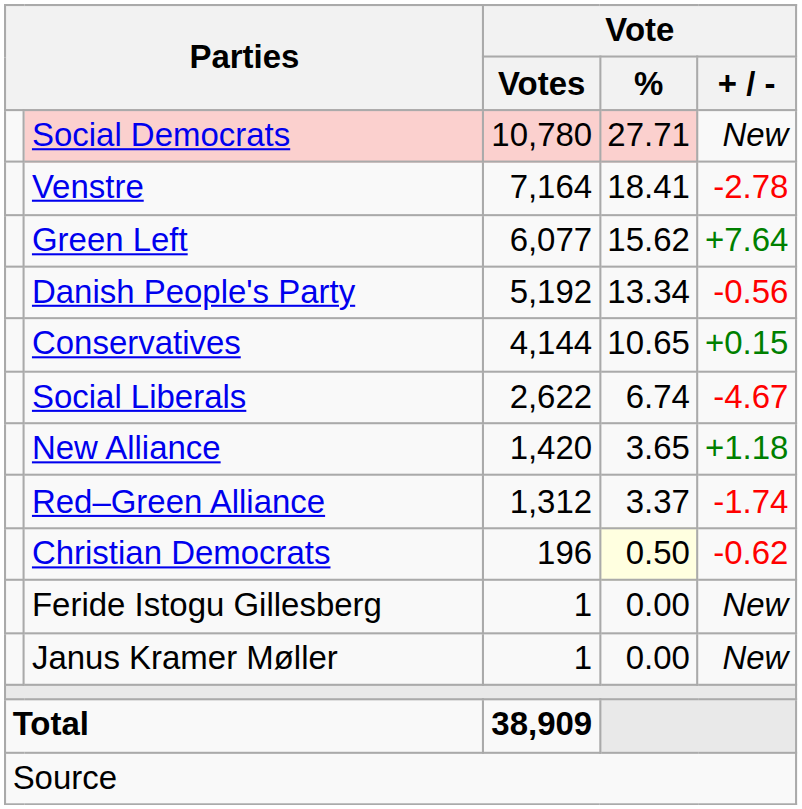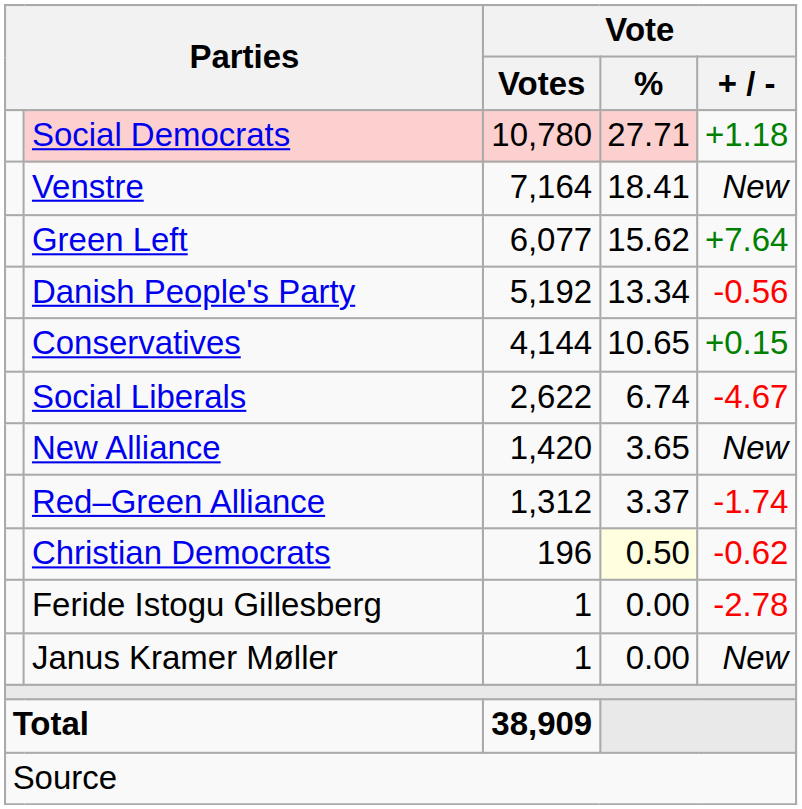 <table class="wikitable" style="text-align:right;">
 <tr>
 <th style="text-align:centre;" rowspan="2" colspan="2" width="225">Parties</th>
 <th colspan="3">Vote</th>
 </tr>
 <tr>
 <th width="15">Votes</th>
 <th width="15">%</th>
 <th width="15">+ / -</th>
 </tr>
 <tr>
 <td width="2" style="color:inherit;background:"></td>
 <td bgcolor=#fbd0ce  align="left"><a href='#'>Social Democrats</a></td>
 <td bgcolor=#fbd0ce>10,780</td>
 <td bgcolor=#fbd0ce>27.71</td>
-<td><em>New</em></td>
+<td style=color:green;>+1.18</td>
 </tr>
 <tr>
 <td width="2" style="color:inherit;background:"></td>
 <td align="left"><a href='#'>Venstre</a></td>
 <td>7,164</td>
 <td>18.41</td>
-<td style=color:red;>-2.78</td>
+<td><em>New</em></td>
 </tr>
 <tr>
 <td width="2" style="color:inherit;background:"></td>
 <td align="left"><a href='#'>Green Left</a></td>
 <td>6,077</td>
 <td>15.62</td>
 <td style=color:green;>+7.64</td>
 </tr>
 <tr>
 <td width="2" style="color:inherit;background:"></td>
 <td align="left"><a href='#'>Danish People's Party</a></td>
 <td>5,192</td>
 <td>13.34</td>
 <td style=color:red;>-0.56</td>
 </tr>
 <tr>
 <td width="2" style="color:inherit;background:"></td>
 <td align="left"><a href='#'>Conservatives</a></td>
 <td>4,144</td>
 <td>10.65</td>
 <td style=color:green;>+0.15</td>
 </tr>
 <tr>
 <td width="2" style="color:inherit;background:"></td>
 <td align="left"><a href='#'>Social Liberals</a></td>
 <td>2,622</td>
 <td>6.74</td>
 <td style=color:red;>-4.67</td>
 </tr>
 <tr>
 <td width="2" style="color:inherit;background:"></td>
 <td align="left"><a href='#'>New Alliance</a></td>
 <td>1,420</td>
 <td>3.65</td>
-<td style=color:green;>+1.18</td>
+<td><em>New</em></td>
 </tr>
 <tr>
 <td width="2" style="color:inherit;background:"></td>
 <td align="left"><a href='#'>Red–Green Alliance</a></td>
 <td>1,312</td>
 <td>3.37</td>
 <td style=color:red;>-1.74</td>
 </tr>
 <tr>
 <td width="2" style="color:inherit;background:"></td>
 <td align="left"><a href='#'>Christian Democrats</a></td>
 <td>196</td>
 <td style="background: lightyellow;">0.50</td>
 <td style=color:red;>-0.62</td>
 </tr>
 <tr>
 <td width="2" style="color:inherit;background:"></td>
 <td align="left">Feride Istogu Gillesberg</td>
 <td>1</td>
 <td>0.00</td>
-<td><em>New</em></td>
+<td style=color:red;>-2.78</td>
 </tr>
 <tr>
 <td width="2" style="color:inherit;background:"></td>
 <td align="left">Janus Kramer Møller</td>
 <td>1</td>
 <td>0.00</td>
 <td><em>New</em></td>
 </tr>
 <tr>
 <td colspan="7" bgcolor="#E9E9E9"></td>
 </tr>
 <tr>
 <td align="left" colspan="2"><strong>Total</strong></td>
 <td><strong>38,909</strong></td>
 <td bgcolor="#E9E9E9" colspan="2"></td>
 </tr>
 <tr>
 <td align="left" colspan="6">Source</td>
 </tr>
 </table>
